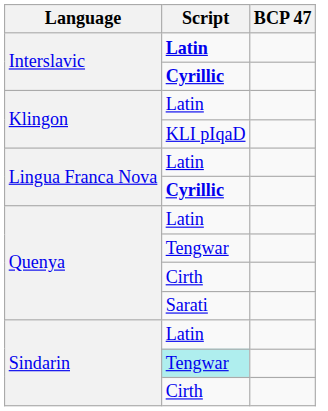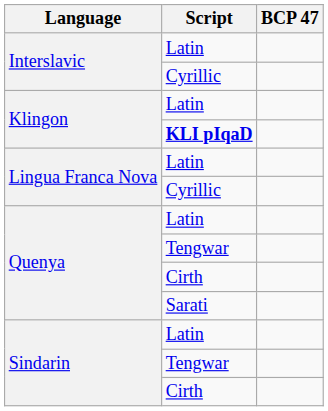 <table class="wikitable sortable">
 <tr>
 <th scope="col">Language</th>
 <th scope="col">Script</th>
 <th scope="col">BCP 47</th>
 </tr>
 <tr>
 <th rowspan="2" style="text-align:left;font-weight:normal"><a href='#'>Interslavic</a></th>
-<td><strong><a href='#'>Latin</a></strong></td>
+<td><a href='#'>Latin</a></td>
 <td></td>
 </tr>
 <tr>
-<td><strong><a href='#'>Cyrillic</a></strong></td>
+<td><a href='#'>Cyrillic</a></td>
 <td></td>
 </tr>
 <tr>
 <th rowspan="2" style="text-align:left;font-weight:normal"><a href='#'>Klingon</a></th>
 <td><a href='#'>Latin</a></td>
 <td></td>
 </tr>
 <tr>
-<td><a href='#'>KLI pIqaD</a></td>
+<td><strong><a href='#'>KLI pIqaD</a></strong></td>
 <td></td>
 </tr>
 <tr>
 <th rowspan="2" style="text-align:left;font-weight:normal"><a href='#'>Lingua Franca Nova</a></th>
 <td><a href='#'>Latin</a></td>
 <td></td>
 </tr>
 <tr>
-<td><strong><a href='#'>Cyrillic</a></strong></td>
+<td><a href='#'>Cyrillic</a></td>
 <td></td>
 </tr>
 <tr>
 <th rowspan="4" style="text-align:left;font-weight:normal"><a href='#'>Quenya</a></th>
 <td><a href='#'>Latin</a></td>
 <td></td>
 </tr>
 <tr>
 <td><a href='#'>Tengwar</a></td>
 <td></td>
 </tr>
 <tr>
 <td><a href='#'>Cirth</a></td>
 <td></td>
 </tr>
 <tr>
 <td><a href='#'>Sarati</a></td>
 <td></td>
 </tr>
 <tr>
 <th rowspan="3" style="text-align:left;font-weight:normal"><a href='#'>Sindarin</a></th>
 <td><a href='#'>Latin</a></td>
 <td></td>
 </tr>
 <tr>
-<td style="background: paleturquoise;"><a href='#'>Tengwar</a></td>
+<td><a href='#'>Tengwar</a></td>
 <td></td>
 </tr>
 <tr>
 <td><a href='#'>Cirth</a></td>
 <td></td>
 </tr>
 </table>
